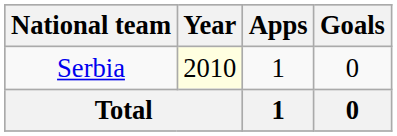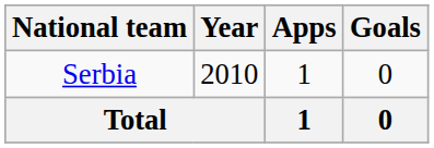 <table class="wikitable" style="text-align:center">
 <tr>
 <th>National team</th>
 <th>Year</th>
 <th>Apps</th>
 <th>Goals</th>
 </tr>
 <tr>
 <td><a href='#'>Serbia</a></td>
-<td style="background: lightyellow;">2010</td>
+<td>2010</td>
 <td>1</td>
 <td>0</td>
 </tr>
 <tr>
 <th colspan="2">Total</th>
 <th>1</th>
 <th>0</th>
 </tr>
 </table>
